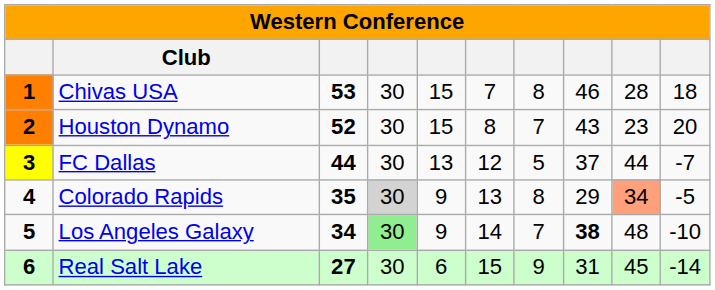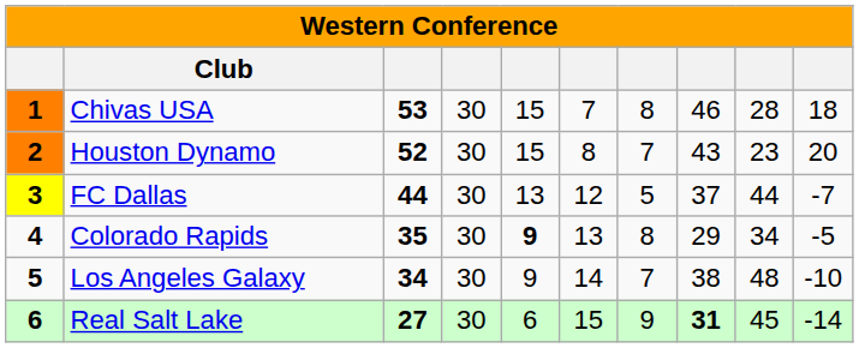 <table class="wikitable">
 <tr>
 <td colspan=10 align=center bgcolor=orange><span><strong>Western Conference</strong></span></td>
 </tr>
 <tr>
 <th width=28></th>
 <th width=185>Club</th>
 <th width=28></th>
 <th width=28></th>
 <th width=28></th>
 <th width=28></th>
 <th width=28></th>
 <th width=28></th>
 <th width=28></th>
 <th width=28></th>
 </tr>
 <tr>
 <td bgcolor=#FF7F00 align=center><strong>1</strong></td>
 <td><a href='#'>Chivas USA</a></td>
 <td align=center><strong>53</strong></td>
 <td align=center>30</td>
 <td align=center>15</td>
 <td align=center>7</td>
 <td align=center>8</td>
 <td align=center>46</td>
 <td align=center>28</td>
 <td align=center>18</td>
 </tr>
 <tr>
 <td bgcolor=#FF7F00 align=center><strong>2</strong></td>
 <td><a href='#'>Houston Dynamo</a></td>
 <td align=center><strong>52</strong></td>
 <td align=center>30</td>
 <td align=center>15</td>
 <td align=center>8</td>
 <td align=center>7</td>
 <td align=center>43</td>
 <td align=center>23</td>
 <td align=center>20</td>
 </tr>
 <tr>
 <td bgcolor=#FFFF00 align=center><strong>3</strong></td>
 <td><a href='#'>FC Dallas</a></td>
 <td align=center><strong>44</strong></td>
 <td align=center>30</td>
 <td align=center>13</td>
 <td align=center>12</td>
 <td align=center>5</td>
 <td align=center>37</td>
 <td align=center>44</td>
 <td align=center>-7</td>
 </tr>
 <tr>
 <td align=center><strong>4</strong></td>
 <td><a href='#'>Colorado Rapids</a></td>
 <td align=center><strong>35</strong></td>
-<td align=center style="background: lightgrey;">30</td>
-<td align=center>9</td>
+<td align=center>30</td>
+<td align=center><strong>9</strong></td>
 <td align=center>13</td>
 <td align=center>8</td>
 <td align=center>29</td>
-<td align=center style="background: lightsalmon;">34</td>
+<td align=center>34</td>
 <td align=center>-5</td>
 </tr>
 <tr>
 <td align=center><strong>5</strong></td>
 <td><a href='#'>Los Angeles Galaxy</a></td>
 <td align=center><strong>34</strong></td>
-<td align=center style="background: lightgreen;">30</td>
+<td align=center>30</td>
 <td align=center>9</td>
 <td align=center>14</td>
 <td align=center>7</td>
-<td align=center><strong>38</strong></td>
+<td align=center>38</td>
 <td align=center>48</td>
 <td align=center>-10</td>
 </tr>
 <tr>
 <td bgcolor=#CCFFCC align=center><strong>6</strong></td>
 <td bgcolor=#CCFFCC><a href='#'>Real Salt Lake</a></td>
 <td bgcolor=#CCFFCC align=center><strong>27</strong></td>
 <td bgcolor=#CCFFCC align=center>30</td>
 <td bgcolor=#CCFFCC align=center>6</td>
 <td bgcolor=#CCFFCC align=center>15</td>
 <td bgcolor=#CCFFCC align=center>9</td>
-<td bgcolor=#CCFFCC align=center>31</td>
+<td bgcolor=#CCFFCC align=center><strong>31</strong></td>
 <td bgcolor=#CCFFCC align=center>45</td>
 <td bgcolor=#CCFFCC align=center>-14</td>
 </tr>
 </table>
